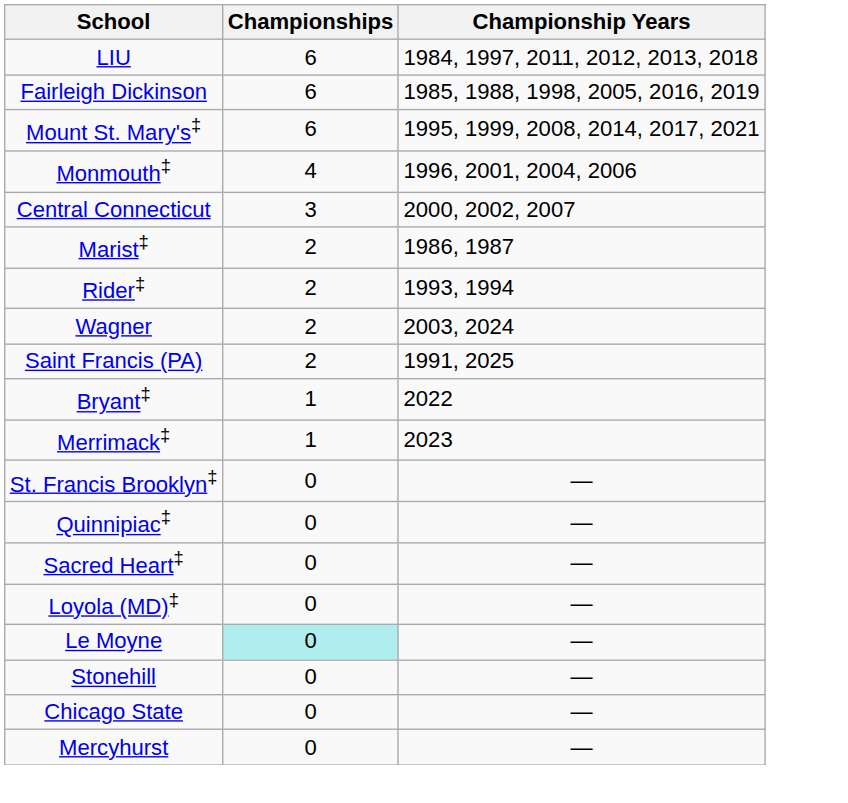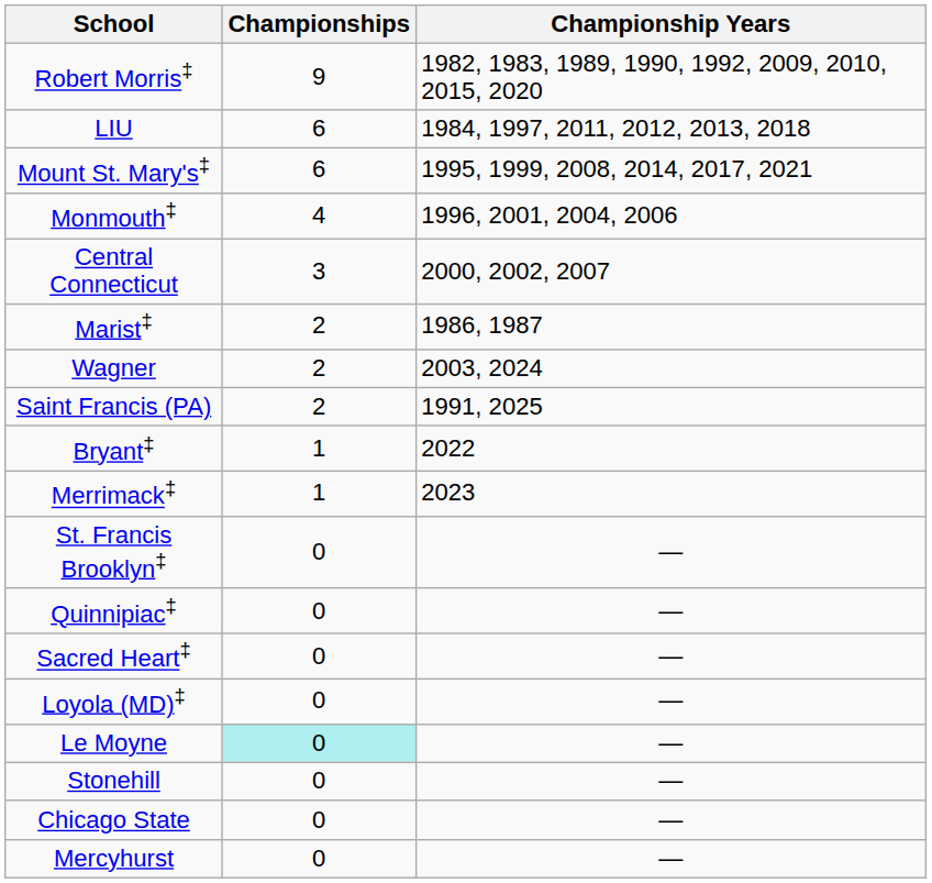 <table class="wikitable sortable" style="text-align:center">
 <tr>
 <th width=px>School</th>
 <th width=px>Championships</th>
 <th width=px>Championship Years</th>
 </tr>
 <tr>
+<td><a href='#'>Robert Morris</a><sup>‡</sup></td>
+<td>9</td>
+<td align=left>1982, 1983, 1989, 1990, 1992, 2009, 2010, 2015, 2020</td>
+</tr>
+<tr>
 <td><a href='#'>LIU</a></td>
 <td>6</td>
 <td align=left>1984, 1997, 2011, 2012, 2013, 2018</td>
-</tr>
-<tr>
-<td><a href='#'>Fairleigh Dickinson</a></td>
-<td>6</td>
-<td align=left>1985, 1988, 1998, 2005, 2016, 2019</td>
 </tr>
 <tr>
 <td><a href='#'>Mount St. Mary's</a><sup>‡</sup></td>
 <td>6</td>
 <td align=left>1995, 1999, 2008, 2014, 2017, 2021</td>
 </tr>
 <tr>
 <td><a href='#'>Monmouth</a><sup>‡</sup></td>
 <td>4</td>
 <td align=left>1996, 2001, 2004, 2006</td>
 </tr>
 <tr>
 <td><a href='#'>Central Connecticut</a></td>
 <td>3</td>
 <td align=left>2000, 2002, 2007</td>
 </tr>
 <tr>
 <td><a href='#'>Marist</a><sup>‡</sup></td>
 <td>2</td>
 <td align=left>1986, 1987</td>
-</tr>
-<tr>
-<td><a href='#'>Rider</a><sup>‡</sup></td>
-<td>2</td>
-<td align=left>1993, 1994</td>
 </tr>
 <tr>
 <td><a href='#'>Wagner</a></td>
 <td>2</td>
 <td align=left>2003, 2024</td>
 </tr>
 <tr>
 <td><a href='#'>Saint Francis (PA)</a></td>
 <td>2</td>
 <td align=left>1991, 2025</td>
 </tr>
 <tr>
 <td><a href='#'>Bryant</a><sup>‡</sup></td>
 <td>1</td>
 <td align=left>2022</td>
 </tr>
 <tr>
 <td><a href='#'>Merrimack</a><sup>‡</sup></td>
 <td>1</td>
 <td align=left>2023</td>
 </tr>
 <tr>
 <td><a href='#'>St. Francis Brooklyn</a><sup>‡</sup></td>
 <td>0</td>
 <td align=center>—</td>
 </tr>
 <tr>
 <td><a href='#'>Quinnipiac</a><sup>‡</sup></td>
 <td>0</td>
 <td align=center>—</td>
 </tr>
 <tr>
 <td><a href='#'>Sacred Heart</a><sup>‡</sup></td>
 <td>0</td>
 <td align=center>—</td>
 </tr>
 <tr>
 <td><a href='#'>Loyola (MD)</a><sup>‡</sup></td>
 <td>0</td>
 <td align=center>—</td>
 </tr>
 <tr>
 <td><a href='#'>Le Moyne</a></td>
 <td style="background: paleturquoise;">0</td>
 <td align=center>—</td>
 </tr>
 <tr>
 <td><a href='#'>Stonehill</a></td>
 <td>0</td>
 <td align=center>—</td>
 </tr>
 <tr>
 <td><a href='#'>Chicago State</a></td>
 <td>0</td>
 <td align=center>—</td>
 </tr>
 <tr>
 <td><a href='#'>Mercyhurst</a></td>
 <td>0</td>
 <td align=center>—</td>
 </tr>
 </table>
